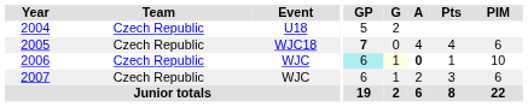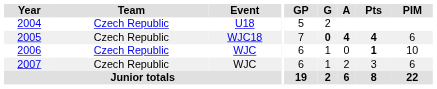 <table border="0" cellpadding="1" cellspacing="0" ID="Table3" style="text-align:center; width:40em">
 <tr ALIGN="center" bgcolor="#e0e0e0">
 <th>Year</th>
 <th>Team</th>
 <th>Event</th>
 <th rowspan="99" bgcolor="#ffffff"></th>
 <th>GP</th>
 <th>G</th>
 <th>A</th>
 <th>Pts</th>
 <th>PIM</th>
 </tr>
 <tr>
 <td><a href='#'>2004</a></td>
 <td><a href='#'>Czech Republic</a></td>
 <td><a href='#'>U18</a></td>
 <td>5</td>
 <td>2</td>
 <td></td>
 <td></td>
 <td></td>
 </tr>
 <tr bgcolor="#f0f0f0">
 <td><a href='#'>2005</a></td>
 <td>Czech Republic</td>
 <td><a href='#'>WJC18</a></td>
-<td><strong>7</strong></td>
-<td>0</td>
-<td>4</td>
-<td>4</td>
+<td>7</td>
+<td><strong>0</strong></td>
+<td><strong>4</strong></td>
+<td><strong>4</strong></td>
 <td>6</td>
 </tr>
 <tr>
 <td><a href='#'>2006</a></td>
 <td><a href='#'>Czech Republic</a></td>
 <td><a href='#'>WJC</a></td>
-<td style="background: paleturquoise;">6</td>
-<td style="background: lightyellow;">1</td>
-<td><strong>0</strong></td>
+<td>6</td>
 <td>1</td>
+<td>0</td>
+<td><strong>1</strong></td>
 <td>10</td>
 </tr>
 <tr bgcolor="#f0f0f0">
 <td><a href='#'>2007</a></td>
 <td>Czech Republic</td>
 <td>WJC</td>
 <td>6</td>
 <td>1</td>
 <td>2</td>
 <td>3</td>
 <td>6</td>
 </tr>
 <tr bgcolor="#e0e0e0">
 <th colspan="3">Junior totals</th>
 <th>19</th>
 <th>2</th>
 <th>6</th>
 <th>8</th>
 <th>22</th>
 </tr>
 </table>
